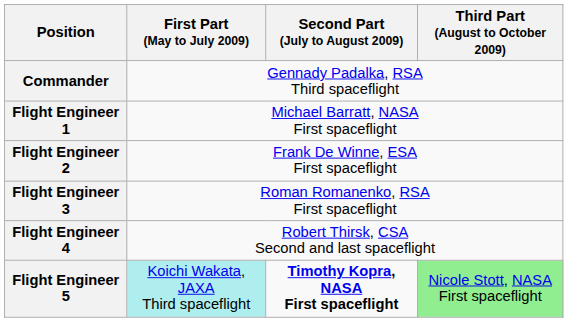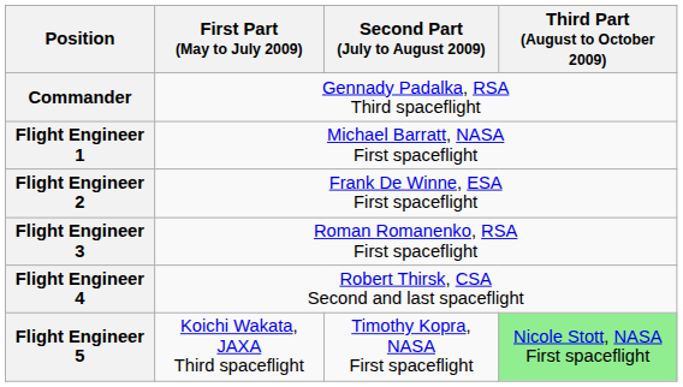 <table class="wikitable" style="text-align: center;">
 <tr>
 <th>Position</th>
 <th>First Part<br><small>(May to July 2009)</small></th>
 <th>Second Part<br><small>(July to August 2009)</small></th>
 <th>Third Part<br><small>(August to October 2009)</small></th>
 </tr>
 <tr>
 <th>Commander</th>
 <td colspan=3> <a href='#'>Gennady Padalka</a>, <a href='#'>RSA</a><br>Third spaceflight</td>
 </tr>
 <tr>
 <th>Flight Engineer 1</th>
 <td colspan=3> <a href='#'>Michael Barratt</a>, <a href='#'>NASA</a><br>First spaceflight</td>
 </tr>
 <tr>
 <th>Flight Engineer 2</th>
 <td colspan=3> <a href='#'>Frank De Winne</a>, <a href='#'>ESA</a><br>First spaceflight</td>
 </tr>
 <tr>
 <th>Flight Engineer 3</th>
 <td colspan=3> <a href='#'>Roman Romanenko</a>, <a href='#'>RSA</a><br>First spaceflight</td>
 </tr>
 <tr>
 <th>Flight Engineer 4</th>
 <td colspan=3> <a href='#'>Robert Thirsk</a>, <a href='#'>CSA</a><br>Second and last spaceflight</td>
 </tr>
 <tr>
 <th>Flight Engineer 5</th>
-<td style="background: paleturquoise;"> <a href='#'>Koichi Wakata</a>, <a href='#'>JAXA</a><br>Third spaceflight</td>
-<td><strong> <a href='#'>Timothy Kopra</a>, <a href='#'>NASA</a><br>First spaceflight</strong></td>
+<td> <a href='#'>Koichi Wakata</a>, <a href='#'>JAXA</a><br>Third spaceflight</td>
+<td> <a href='#'>Timothy Kopra</a>, <a href='#'>NASA</a><br>First spaceflight</td>
 <td style="background: lightgreen;"> <a href='#'>Nicole Stott</a>, <a href='#'>NASA</a><br>First spaceflight</td>
 </tr>
 </table>
